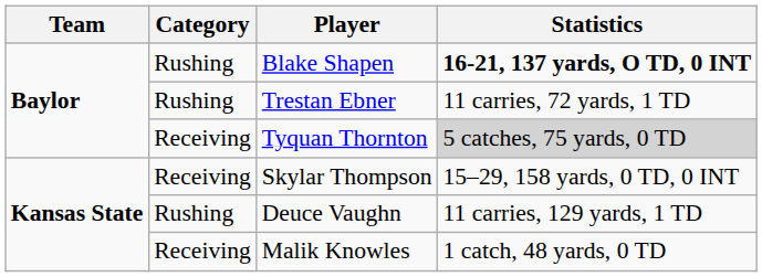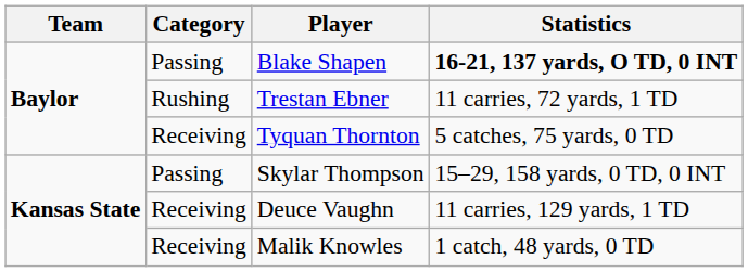 <table class="wikitable" style="float: right;">
 <tr>
 <th>Team</th>
 <th>Category</th>
 <th>Player</th>
 <th>Statistics</th>
 </tr>
 <tr>
 <td rowspan=3><strong>Baylor</strong></td>
-<td>Rushing</td>
+<td>Passing</td>
 <td><a href='#'>Blake Shapen</a></td>
 <td><strong>16-21, 137 yards, O TD, 0 INT</strong></td>
 </tr>
 <tr>
 <td>Rushing</td>
 <td><a href='#'>Trestan Ebner</a></td>
 <td>11 carries, 72 yards, 1 TD</td>
 </tr>
 <tr>
 <td>Receiving</td>
 <td><a href='#'>Tyquan Thornton</a></td>
-<td style="background: lightgrey;">5 catches, 75 yards, 0 TD</td>
+<td>5 catches, 75 yards, 0 TD</td>
 </tr>
 <tr>
 <td rowspan=3><strong>Kansas State</strong></td>
-<td>Receiving</td>
+<td>Passing</td>
 <td>Skylar Thompson</td>
 <td>15–29, 158 yards, 0 TD, 0 INT</td>
 </tr>
 <tr>
-<td>Rushing</td>
+<td>Receiving</td>
 <td>Deuce Vaughn</td>
 <td>11 carries, 129 yards, 1 TD</td>
 </tr>
 <tr>
 <td>Receiving</td>
 <td>Malik Knowles</td>
 <td>1 catch, 48 yards, 0 TD</td>
 </tr>
 </table>
